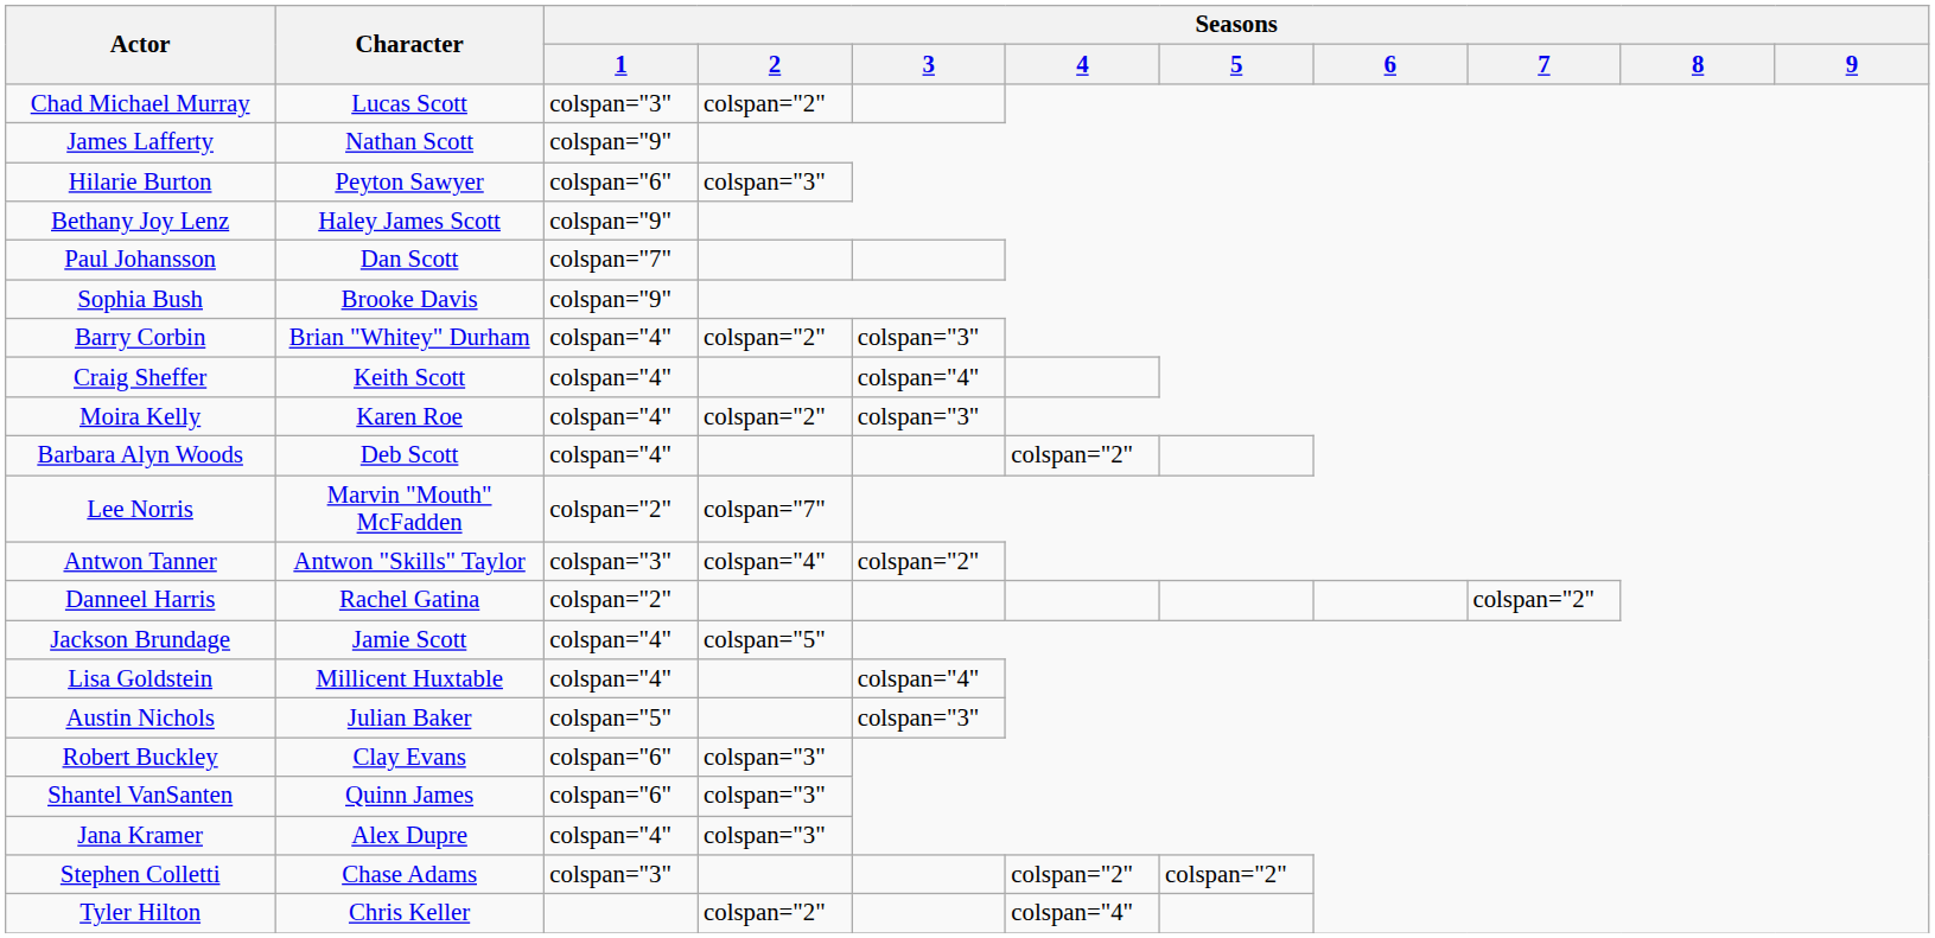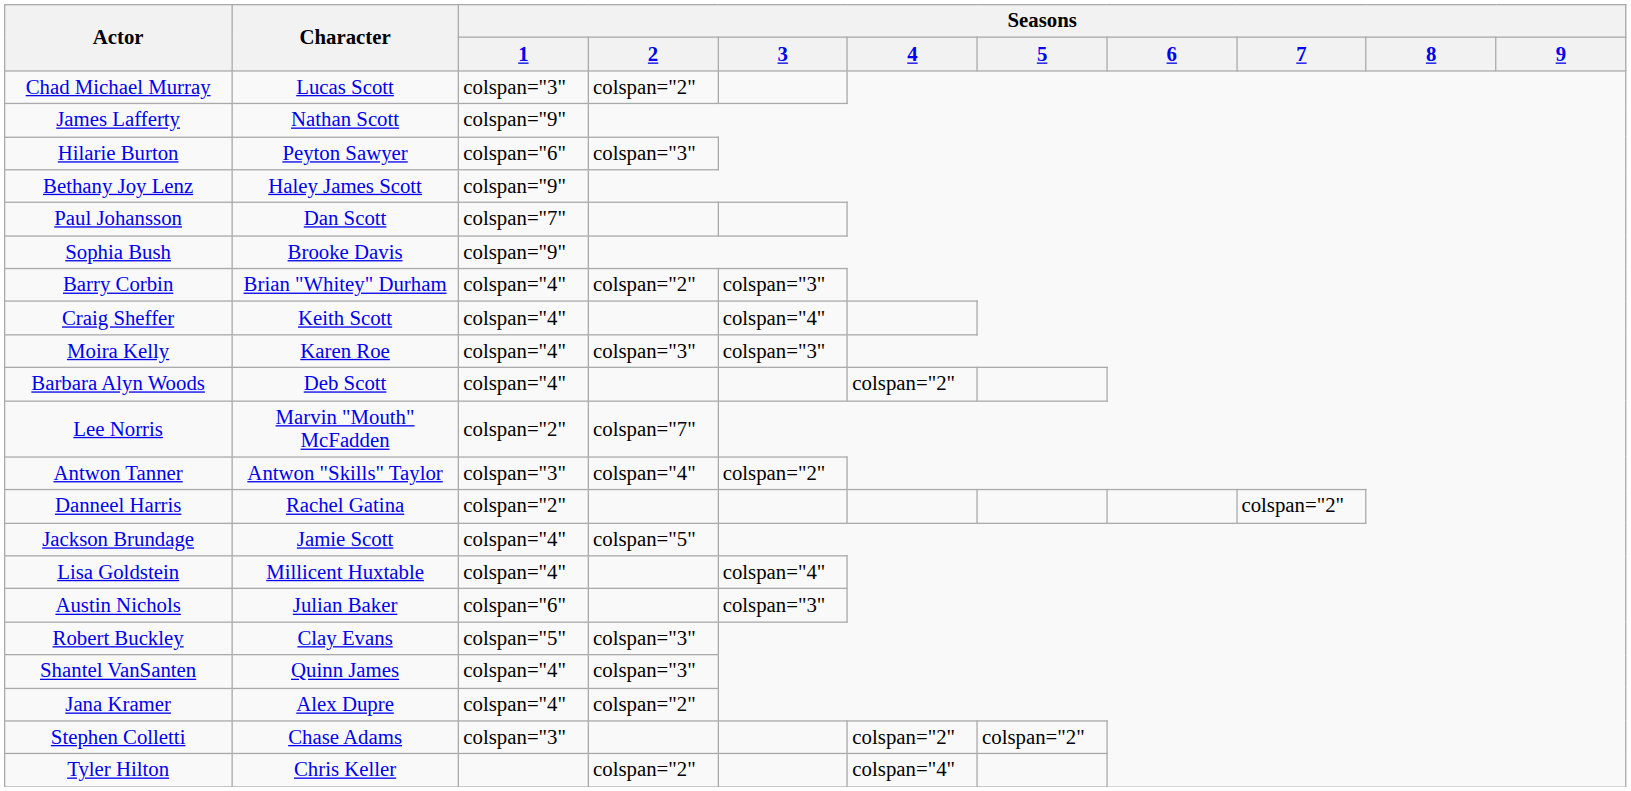 <table class="wikitable plainrowheaders">
 <tr>
 <th scope="col" rowspan="2" style="width:14%;">Actor</th>
 <th scope="col" rowspan="2" style="width:14%;">Character</th>
 <th scope="col" colspan="9">Seasons</th>
 </tr>
 <tr>
 <th scope="col" style="width:8%;"><a href='#'>1</a></th>
 <th scope="col" style="width:8%;"><a href='#'>2</a></th>
 <th scope="col" style="width:8%;"><a href='#'>3</a></th>
 <th scope="col" style="width:8%;"><a href='#'>4</a></th>
 <th scope="col" style="width:8%;"><a href='#'>5</a></th>
 <th scope="col" style="width:8%;"><a href='#'>6</a></th>
 <th scope="col" style="width:8%;"><a href='#'>7</a></th>
 <th scope="col" style="width:8%;"><a href='#'>8</a></th>
 <th scope="col" style="width:8%;"><a href='#'>9</a></th>
 </tr>
 <tr>
 <td style="text-align:center;"><a href='#'>Chad Michael Murray</a></td>
 <td style="text-align:center;"><a href='#'>Lucas Scott</a></td>
 <td>colspan="3" </td>
 <td>colspan="2" </td>
 <td></td>
 </tr>
 <tr>
 <td style="text-align:center;"><a href='#'>James Lafferty</a></td>
 <td style="text-align:center;"><a href='#'>Nathan Scott</a></td>
 <td>colspan="9" </td>
 </tr>
 <tr>
 <td style="text-align:center;"><a href='#'>Hilarie Burton</a></td>
 <td style="text-align:center;"><a href='#'>Peyton Sawyer</a></td>
 <td>colspan="6" </td>
 <td>colspan="3" </td>
 </tr>
 <tr>
 <td style="text-align:center;"><a href='#'>Bethany Joy Lenz</a></td>
 <td style="text-align:center;"><a href='#'>Haley James Scott</a></td>
 <td>colspan="9" </td>
 </tr>
 <tr>
 <td style="text-align:center;"><a href='#'>Paul Johansson</a></td>
 <td style="text-align:center;"><a href='#'>Dan Scott</a></td>
 <td>colspan="7" </td>
 <td></td>
 <td></td>
 </tr>
 <tr>
 <td style="text-align:center;"><a href='#'>Sophia Bush</a></td>
 <td style="text-align:center;"><a href='#'>Brooke Davis</a></td>
 <td>colspan="9" </td>
 </tr>
 <tr>
 <td style="text-align:center;"><a href='#'>Barry Corbin</a></td>
 <td style="text-align:center;"><a href='#'>Brian "Whitey" Durham</a></td>
 <td>colspan="4" </td>
 <td>colspan="2" </td>
 <td>colspan="3" </td>
 </tr>
 <tr>
 <td style="text-align:center;"><a href='#'>Craig Sheffer</a></td>
 <td style="text-align:center;"><a href='#'>Keith Scott</a></td>
 <td>colspan="4" </td>
 <td></td>
 <td>colspan="4" </td>
 <td></td>
 </tr>
 <tr>
 <td style="text-align:center;"><a href='#'>Moira Kelly</a></td>
 <td style="text-align:center;"><a href='#'>Karen Roe</a></td>
 <td>colspan="4" </td>
-<td>colspan="2" </td>
+<td>colspan="3" </td>
 <td>colspan="3" </td>
 </tr>
 <tr>
 <td style="text-align:center;"><a href='#'>Barbara Alyn Woods</a></td>
 <td style="text-align:center;"><a href='#'>Deb Scott</a></td>
 <td>colspan="4" </td>
 <td></td>
 <td></td>
 <td>colspan="2" </td>
 <td></td>
 </tr>
 <tr>
 <td style="text-align:center;"><a href='#'>Lee Norris</a></td>
 <td style="text-align:center;"><a href='#'>Marvin "Mouth" McFadden</a></td>
 <td>colspan="2" </td>
 <td>colspan="7" </td>
 </tr>
 <tr>
 <td style="text-align:center;"><a href='#'>Antwon Tanner</a></td>
 <td style="text-align:center;"><a href='#'>Antwon "Skills" Taylor</a></td>
 <td>colspan="3" </td>
 <td>colspan="4" </td>
 <td>colspan="2" </td>
 </tr>
 <tr>
 <td style="text-align:center;"><a href='#'>Danneel Harris</a></td>
 <td style="text-align:center;"><a href='#'>Rachel Gatina</a></td>
 <td>colspan="2" </td>
 <td></td>
 <td></td>
 <td></td>
 <td></td>
 <td></td>
 <td>colspan="2" </td>
 </tr>
 <tr>
 <td style="text-align:center;"><a href='#'>Jackson Brundage</a></td>
 <td style="text-align:center;"><a href='#'>Jamie Scott</a></td>
 <td>colspan="4" </td>
 <td>colspan="5" </td>
 </tr>
 <tr>
 <td style="text-align:center;"><a href='#'>Lisa Goldstein</a></td>
 <td style="text-align:center;"><a href='#'>Millicent Huxtable</a></td>
 <td>colspan="4" </td>
 <td></td>
 <td>colspan="4" </td>
 </tr>
 <tr>
 <td style="text-align:center;"><a href='#'>Austin Nichols</a></td>
 <td style="text-align:center;"><a href='#'>Julian Baker</a></td>
-<td>colspan="5" </td>
+<td>colspan="6" </td>
 <td></td>
 <td>colspan="3" </td>
 </tr>
 <tr>
 <td style="text-align:center;"><a href='#'>Robert Buckley</a></td>
 <td style="text-align:center;"><a href='#'>Clay Evans</a></td>
-<td>colspan="6" </td>
+<td>colspan="5" </td>
 <td>colspan="3" </td>
 </tr>
 <tr>
 <td style="text-align:center;"><a href='#'>Shantel VanSanten</a></td>
 <td style="text-align:center;"><a href='#'>Quinn James</a></td>
-<td>colspan="6" </td>
+<td>colspan="4" </td>
 <td>colspan="3" </td>
 </tr>
 <tr>
 <td style="text-align:center;"><a href='#'>Jana Kramer</a></td>
 <td style="text-align:center;"><a href='#'>Alex Dupre</a></td>
 <td>colspan="4" </td>
-<td>colspan="3" </td>
+<td>colspan="2" </td>
 </tr>
 <tr>
 <td style="text-align:center;"><a href='#'>Stephen Colletti</a></td>
 <td style="text-align:center;"><a href='#'>Chase Adams</a></td>
 <td>colspan="3" </td>
 <td></td>
 <td></td>
 <td>colspan="2" </td>
 <td>colspan="2" </td>
 </tr>
 <tr>
 <td style="text-align:center;"><a href='#'>Tyler Hilton</a></td>
 <td style="text-align:center;"><a href='#'>Chris Keller</a></td>
 <td></td>
 <td>colspan="2" </td>
 <td></td>
 <td>colspan="4" </td>
 <td></td>
 </tr>
 <tr>
 </tr>
 </table>
